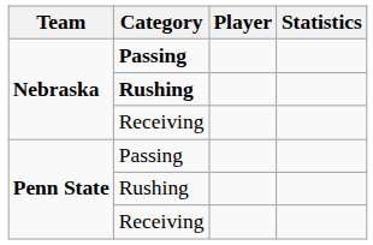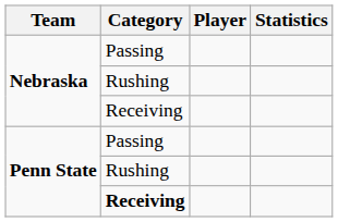 <table class="wikitable" style="float: right;">
 <tr>
 <th>Team</th>
 <th>Category</th>
 <th>Player</th>
 <th>Statistics</th>
 </tr>
 <tr>
 <td rowspan=3><strong>Nebraska</strong></td>
-<td><strong>Passing</strong></td>
+<td>Passing</td>
 <td></td>
 <td></td>
 </tr>
 <tr>
-<td><strong>Rushing</strong></td>
+<td>Rushing</td>
 <td></td>
 <td></td>
 </tr>
 <tr>
 <td>Receiving</td>
 <td></td>
 <td></td>
 </tr>
 <tr>
 <td rowspan=3><strong>Penn State</strong></td>
 <td>Passing</td>
 <td></td>
 <td></td>
 </tr>
 <tr>
 <td>Rushing</td>
 <td></td>
 <td></td>
 </tr>
 <tr>
-<td>Receiving</td>
+<td><strong>Receiving</strong></td>
 <td></td>
 <td></td>
 </tr>
 </table>
